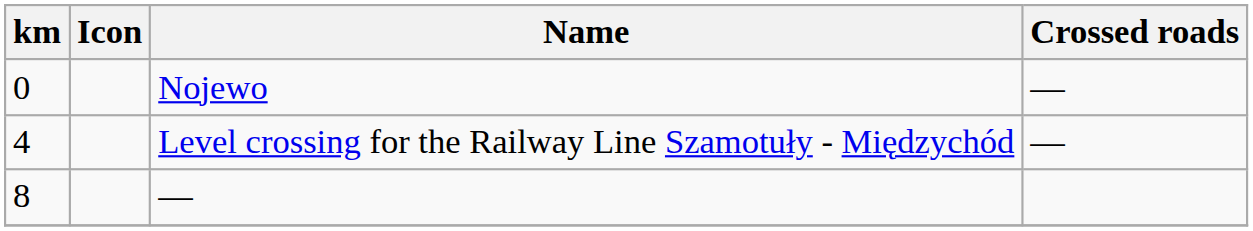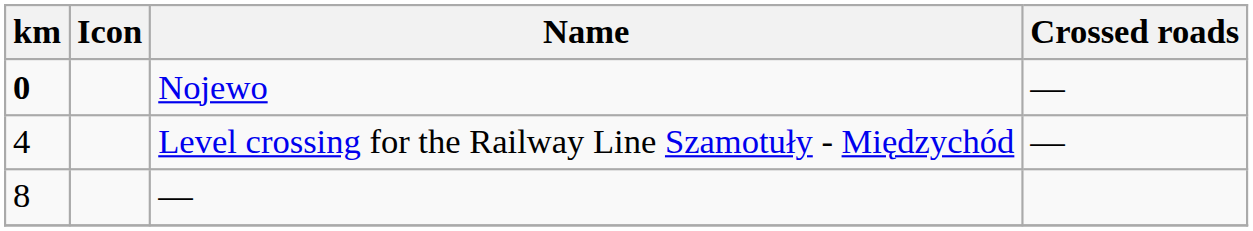 <table class=wikitable>
 <tr>
 <th>km</th>
 <th>Icon</th>
 <th>Name</th>
 <th>Crossed roads</th>
 </tr>
 <tr>
-<td>0</td>
+<td><strong>0</strong></td>
 <td></td>
 <td><a href='#'>Nojewo</a></td>
 <td>—</td>
 </tr>
 <tr>
 <td>4</td>
 <td></td>
 <td><a href='#'>Level crossing</a> for the Railway Line <a href='#'>Szamotuły</a> - <a href='#'>Międzychód</a></td>
 <td>—</td>
 </tr>
 <tr>
 <td>8</td>
 <td></td>
 <td>—</td>
 <td> </td>
 </tr>
 <tr>
 </tr>
 </table>
